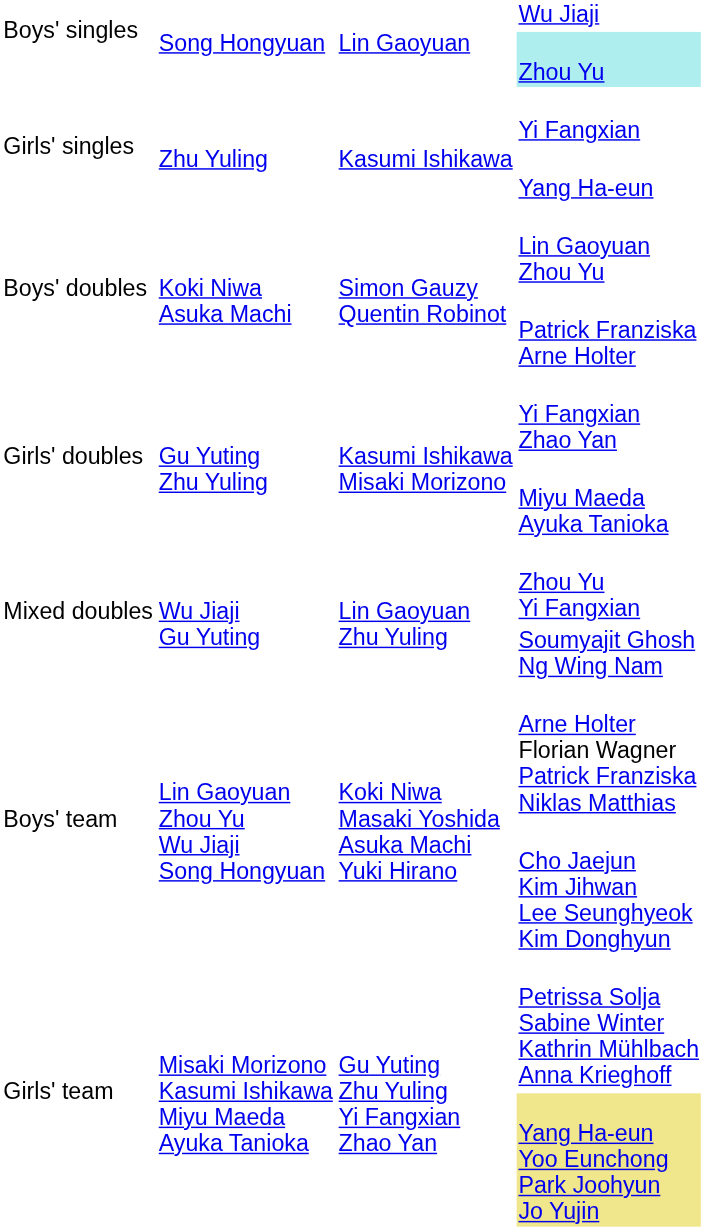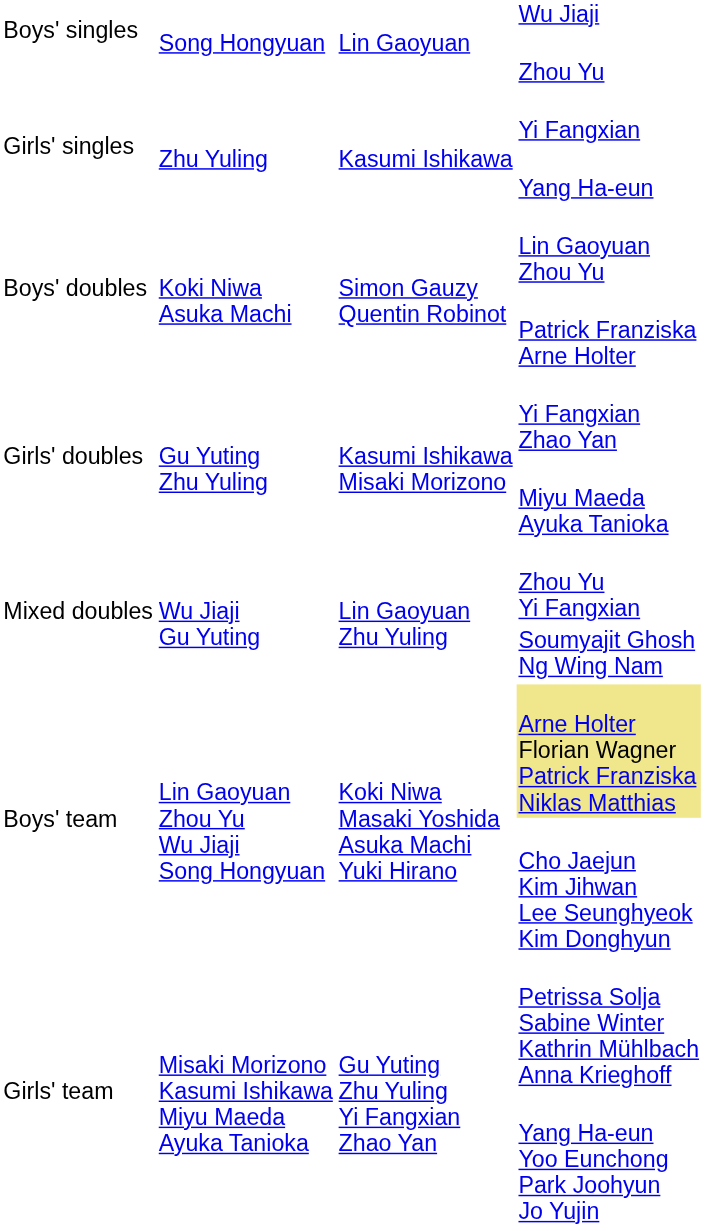 <table>
 <tr>
 <td rowspan=2>Boys' singles</td>
 <td rowspan=2><br><a href='#'>Song Hongyuan</a></td>
 <td rowspan=2><br><a href='#'>Lin Gaoyuan</a></td>
 <td><br><a href='#'>Wu Jiaji</a></td>
 </tr>
 <tr>
-<td style="background: paleturquoise;"><br><a href='#'>Zhou Yu</a></td>
+<td><br><a href='#'>Zhou Yu</a></td>
 </tr>
 <tr>
 <td rowspan=2>Girls' singles</td>
 <td rowspan=2><br><a href='#'>Zhu Yuling</a></td>
 <td rowspan=2><br><a href='#'>Kasumi Ishikawa</a></td>
 <td><br><a href='#'>Yi Fangxian</a></td>
 </tr>
 <tr>
 <td><br><a href='#'>Yang Ha-eun</a></td>
 </tr>
 <tr>
 <td rowspan=2>Boys' doubles</td>
 <td rowspan=2><br><a href='#'>Koki Niwa</a><br><a href='#'>Asuka Machi</a></td>
 <td rowspan=2><br><a href='#'>Simon Gauzy</a><br><a href='#'>Quentin Robinot</a></td>
 <td><br><a href='#'>Lin Gaoyuan</a><br><a href='#'>Zhou Yu</a></td>
 </tr>
 <tr>
 <td><br><a href='#'>Patrick Franziska</a><br><a href='#'>Arne Holter</a></td>
 </tr>
 <tr>
 <td rowspan=2>Girls' doubles</td>
 <td rowspan=2><br><a href='#'>Gu Yuting</a><br><a href='#'>Zhu Yuling</a></td>
 <td rowspan=2><br><a href='#'>Kasumi Ishikawa</a><br><a href='#'>Misaki Morizono</a></td>
 <td><br><a href='#'>Yi Fangxian</a><br><a href='#'>Zhao Yan</a></td>
 </tr>
 <tr>
 <td><br><a href='#'>Miyu Maeda</a><br><a href='#'>Ayuka Tanioka</a></td>
 </tr>
 <tr>
 <td rowspan=2>Mixed doubles</td>
 <td rowspan=2><br><a href='#'>Wu Jiaji</a><br><a href='#'>Gu Yuting</a></td>
 <td rowspan=2><br><a href='#'>Lin Gaoyuan</a><br><a href='#'>Zhu Yuling</a></td>
 <td><br><a href='#'>Zhou Yu</a><br><a href='#'>Yi Fangxian</a></td>
 </tr>
 <tr>
 <td> <a href='#'>Soumyajit Ghosh</a><br> <a href='#'>Ng Wing Nam</a></td>
 </tr>
 <tr>
 <td rowspan=2>Boys' team</td>
 <td rowspan=2><br><a href='#'>Lin Gaoyuan</a><br><a href='#'>Zhou Yu</a><br><a href='#'>Wu Jiaji</a><br><a href='#'>Song Hongyuan</a></td>
 <td rowspan=2><br><a href='#'>Koki Niwa</a><br><a href='#'>Masaki Yoshida</a><br><a href='#'>Asuka Machi</a><br><a href='#'>Yuki Hirano</a></td>
-<td><br><a href='#'>Arne Holter</a><br>Florian Wagner<br><a href='#'>Patrick Franziska</a><br><a href='#'>Niklas Matthias</a></td>
+<td style="background: khaki;"><br><a href='#'>Arne Holter</a><br>Florian Wagner<br><a href='#'>Patrick Franziska</a><br><a href='#'>Niklas Matthias</a></td>
 </tr>
 <tr>
 <td><br><a href='#'>Cho Jaejun</a><br><a href='#'>Kim Jihwan</a><br><a href='#'>Lee Seunghyeok</a><br><a href='#'>Kim Donghyun</a></td>
 </tr>
 <tr>
 <td rowspan=2>Girls' team</td>
 <td rowspan=2><br><a href='#'>Misaki Morizono</a><br><a href='#'>Kasumi Ishikawa</a><br><a href='#'>Miyu Maeda</a><br><a href='#'>Ayuka Tanioka</a></td>
 <td rowspan=2><br><a href='#'>Gu Yuting</a><br><a href='#'>Zhu Yuling</a><br><a href='#'>Yi Fangxian</a><br><a href='#'>Zhao Yan</a></td>
 <td><br><a href='#'>Petrissa Solja</a><br><a href='#'>Sabine Winter</a><br><a href='#'>Kathrin Mühlbach</a><br><a href='#'>Anna Krieghoff</a></td>
 </tr>
 <tr>
-<td style="background: khaki;"><br><a href='#'>Yang Ha-eun</a><br><a href='#'>Yoo Eunchong</a><br><a href='#'>Park Joohyun</a><br><a href='#'>Jo Yujin</a></td>
+<td><br><a href='#'>Yang Ha-eun</a><br><a href='#'>Yoo Eunchong</a><br><a href='#'>Park Joohyun</a><br><a href='#'>Jo Yujin</a></td>
 </tr>
 </table>
